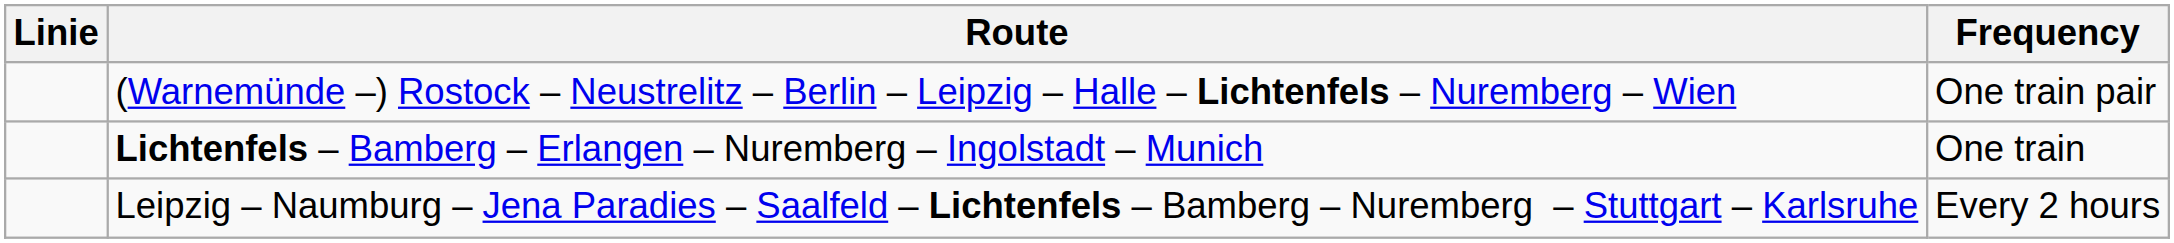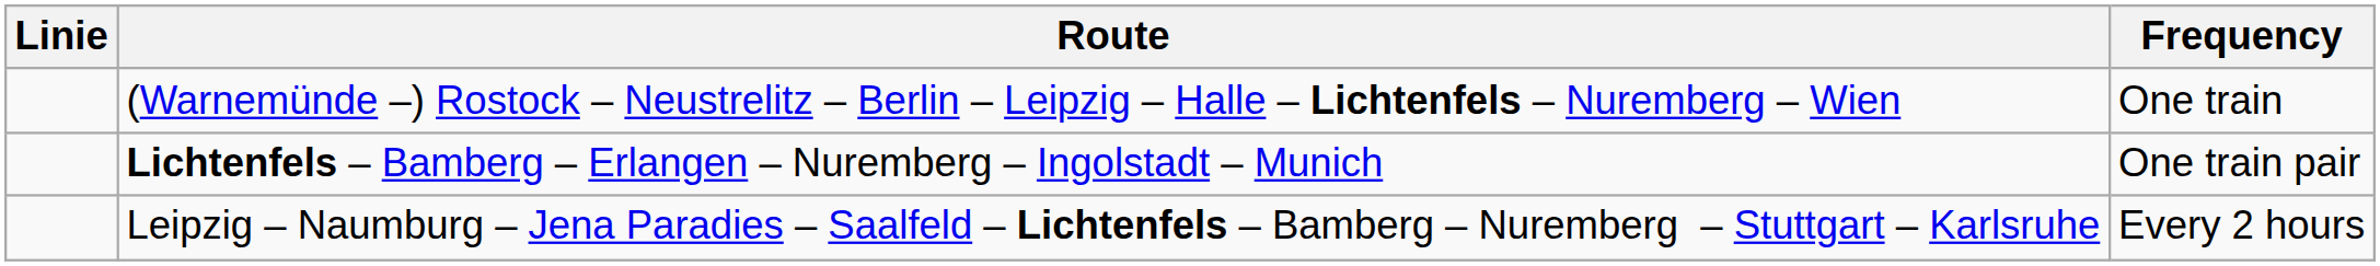 <table class="wikitable">
 <tr>
 <th>Linie</th>
 <th>Route</th>
 <th>Frequency</th>
 </tr>
 <tr>
 <td></td>
 <td>(<a href='#'>Warnemünde</a> –) <a href='#'>Rostock</a> – <a href='#'>Neustrelitz</a> – <a href='#'>Berlin</a> – <a href='#'>Leipzig</a> – <a href='#'>Halle</a> – <strong>Lichtenfels</strong> – <a href='#'>Nuremberg</a> – <a href='#'>Wien</a></td>
-<td>One train pair</td>
+<td>One train</td>
 </tr>
 <tr>
 <td></td>
 <td><strong>Lichtenfels</strong> – <a href='#'>Bamberg</a> – <a href='#'>Erlangen</a> – Nuremberg – <a href='#'>Ingolstadt</a> – <a href='#'>Munich</a></td>
-<td>One train</td>
+<td>One train pair</td>
 </tr>
 <tr>
 <td></td>
 <td>Leipzig – Naumburg – <a href='#'>Jena Paradies</a> – <a href='#'>Saalfeld</a> – <strong>Lichtenfels</strong> – Bamberg – Nuremberg  – <a href='#'>Stuttgart</a> – <a href='#'>Karlsruhe</a></td>
 <td>Every 2 hours</td>
 </tr>
 </table>
